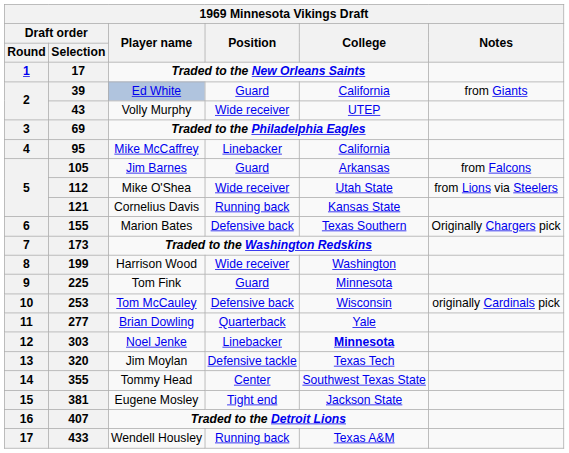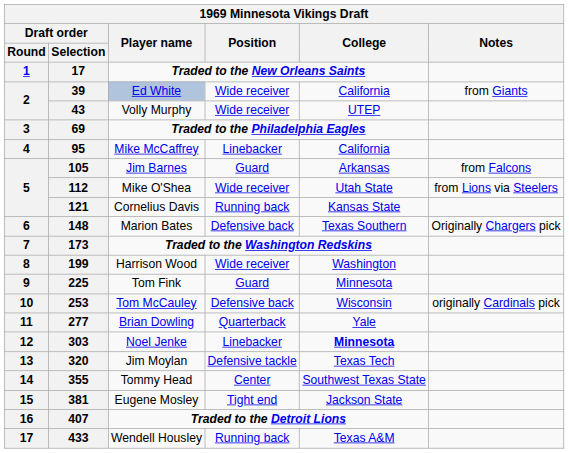 <table class="wikitable" style="text-align:center">
 <tr>
 <th colspan="6">1969 Minnesota Vikings Draft</th>
 </tr>
 <tr>
 <th colspan="2">Draft order</th>
 <th rowspan="2">Player name</th>
 <th rowspan="2">Position</th>
 <th rowspan="2">College</th>
 <th rowspan="2">Notes</th>
 </tr>
 <tr>
 <th>Round</th>
 <th>Selection</th>
 </tr>
 <tr>
 <th><a href='#'>1</a></th>
 <th>17</th>
 <td colspan="3"><strong><em>Traded to the <a href='#'>New Orleans Saints</a></em></strong></td>
 <td></td>
 </tr>
 <tr>
 <th rowspan="2">2</th>
 <th>39</th>
 <td bgcolor=lightsteelblue><a href='#'>Ed White</a></td>
-<td><a href='#'>Guard</a></td>
+<td><a href='#'>Wide receiver</a></td>
 <td><a href='#'>California</a></td>
 <td>from <a href='#'>Giants</a></td>
 </tr>
 <tr>
 <th>43</th>
 <td>Volly Murphy</td>
 <td><a href='#'>Wide receiver</a></td>
 <td><a href='#'>UTEP</a></td>
 <td></td>
 </tr>
 <tr>
 <th>3</th>
 <th>69</th>
 <td colspan="3"><strong><em>Traded to the <a href='#'>Philadelphia Eagles</a></em></strong></td>
 <td></td>
 </tr>
 <tr>
 <th>4</th>
 <th>95</th>
 <td><a href='#'>Mike McCaffrey</a></td>
 <td><a href='#'>Linebacker</a></td>
 <td><a href='#'>California</a></td>
 <td></td>
 </tr>
 <tr>
 <th rowspan="3">5</th>
 <th>105</th>
 <td><a href='#'>Jim Barnes</a></td>
 <td><a href='#'>Guard</a></td>
 <td><a href='#'>Arkansas</a></td>
 <td>from <a href='#'>Falcons</a></td>
 </tr>
 <tr>
 <th>112</th>
 <td>Mike O'Shea</td>
 <td><a href='#'>Wide receiver</a></td>
 <td><a href='#'>Utah State</a></td>
 <td>from <a href='#'>Lions</a> via <a href='#'>Steelers</a></td>
 </tr>
 <tr>
 <th>121</th>
 <td>Cornelius Davis</td>
 <td><a href='#'>Running back</a></td>
 <td><a href='#'>Kansas State</a></td>
 <td></td>
 </tr>
 <tr>
 <th>6</th>
-<th>155</th>
+<th>148</th>
 <td>Marion Bates</td>
 <td><a href='#'>Defensive back</a></td>
 <td><a href='#'>Texas Southern</a></td>
 <td>Originally <a href='#'>Chargers</a> pick</td>
 </tr>
 <tr>
 <th>7</th>
 <th>173</th>
 <td colspan="3"><strong><em>Traded to the <a href='#'>Washington Redskins</a></em></strong></td>
 <td></td>
 </tr>
 <tr>
 <th>8</th>
 <th>199</th>
 <td>Harrison Wood</td>
 <td><a href='#'>Wide receiver</a></td>
 <td><a href='#'>Washington</a></td>
 <td></td>
 </tr>
 <tr>
 <th>9</th>
 <th>225</th>
 <td>Tom Fink</td>
 <td><a href='#'>Guard</a></td>
 <td><a href='#'>Minnesota</a></td>
 <td></td>
 </tr>
 <tr>
 <th>10</th>
 <th>253</th>
 <td><a href='#'>Tom McCauley</a></td>
 <td><a href='#'>Defensive back</a></td>
 <td><a href='#'>Wisconsin</a></td>
 <td>originally <a href='#'>Cardinals</a> pick</td>
 </tr>
 <tr>
 <th>11</th>
 <th>277</th>
 <td><a href='#'>Brian Dowling</a></td>
 <td><a href='#'>Quarterback</a></td>
 <td><a href='#'>Yale</a></td>
 <td></td>
 </tr>
 <tr>
 <th>12</th>
 <th>303</th>
 <td><a href='#'>Noel Jenke</a></td>
 <td><a href='#'>Linebacker</a></td>
 <td><strong><a href='#'>Minnesota</a></strong></td>
 <td></td>
 </tr>
 <tr>
 <th>13</th>
 <th>320</th>
 <td>Jim Moylan</td>
 <td><a href='#'>Defensive tackle</a></td>
 <td><a href='#'>Texas Tech</a></td>
 <td></td>
 </tr>
 <tr>
 <th>14</th>
 <th>355</th>
 <td>Tommy Head</td>
 <td><a href='#'>Center</a></td>
 <td><a href='#'>Southwest Texas State</a></td>
 <td></td>
 </tr>
 <tr>
 <th>15</th>
 <th>381</th>
 <td>Eugene Mosley</td>
 <td><a href='#'>Tight end</a></td>
 <td><a href='#'>Jackson State</a></td>
 <td></td>
 </tr>
 <tr>
 <th>16</th>
 <th>407</th>
 <td colspan="3"><strong><em>Traded to the <a href='#'>Detroit Lions</a></em></strong></td>
 <td></td>
 </tr>
 <tr>
 <th>17</th>
 <th>433</th>
 <td>Wendell Housley</td>
 <td><a href='#'>Running back</a></td>
 <td><a href='#'>Texas A&M</a></td>
 <td></td>
 </tr>
 </table>
